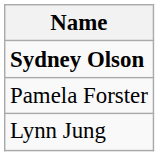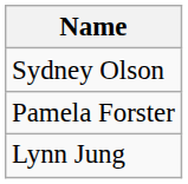 <table class="wikitable">
 <tr>
 <th>Name</th>
 </tr>
 <tr>
-<td><strong> Sydney Olson</strong></td>
+<td> Sydney Olson</td>
 </tr>
 <tr>
 <td> Pamela Forster</td>
 </tr>
 <tr>
 <td> Lynn Jung</td>
 </tr>
 </table>
